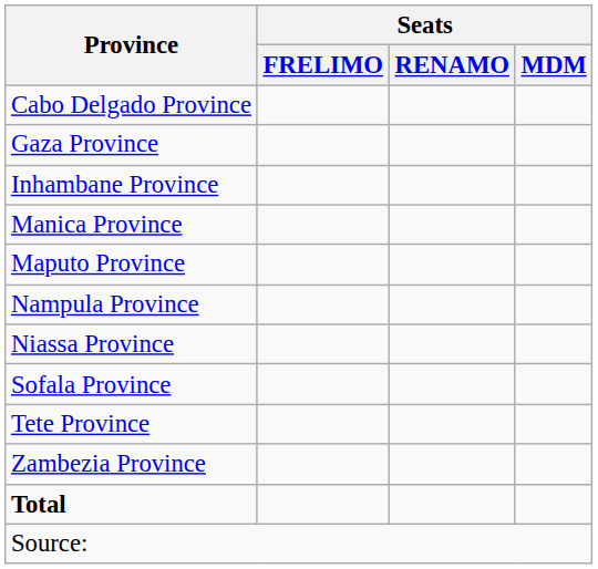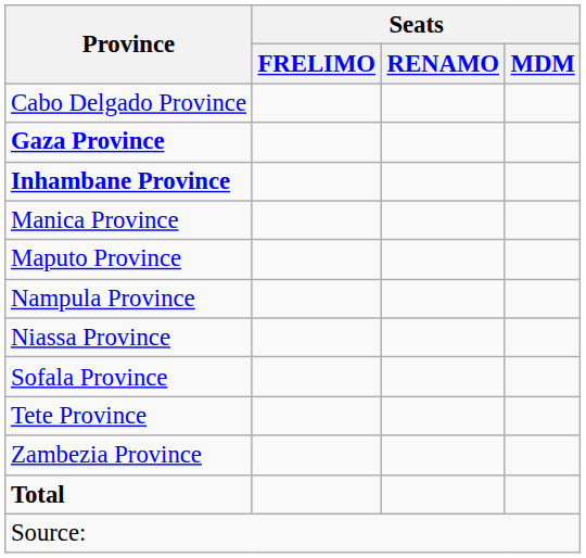 <table class= wikitable style=text-align:right>
 <tr>
 <th rowspan=2>Province</th>
 <th colspan=3>Seats</th>
 </tr>
 <tr>
 <th><a href='#'>FRELIMO</a></th>
 <th><a href='#'>RENAMO</a></th>
 <th><a href='#'>MDM</a></th>
 </tr>
 <tr>
 <td align=left><a href='#'>Cabo Delgado Province</a></td>
 <td></td>
 <td></td>
 <td></td>
 </tr>
 <tr>
-<td align=left><a href='#'>Gaza Province</a></td>
+<td align=left><strong><a href='#'>Gaza Province</a></strong></td>
 <td></td>
 <td></td>
 <td></td>
 </tr>
 <tr>
-<td align=left><a href='#'>Inhambane Province</a></td>
+<td align=left><strong><a href='#'>Inhambane Province</a></strong></td>
 <td></td>
 <td></td>
 <td></td>
 </tr>
 <tr>
 <td align=left><a href='#'>Manica Province</a></td>
 <td></td>
 <td></td>
 <td></td>
 </tr>
 <tr>
 <td align=left><a href='#'>Maputo Province</a></td>
 <td></td>
 <td></td>
 <td></td>
 </tr>
 <tr>
 <td align=left><a href='#'>Nampula Province</a></td>
 <td></td>
 <td></td>
 <td></td>
 </tr>
 <tr>
 <td align=left><a href='#'>Niassa Province</a></td>
 <td></td>
 <td></td>
 <td></td>
 </tr>
 <tr>
 <td align=left><a href='#'>Sofala Province</a></td>
 <td></td>
 <td></td>
 <td></td>
 </tr>
 <tr>
 <td align=left><a href='#'>Tete Province</a></td>
 <td></td>
 <td></td>
 <td></td>
 </tr>
 <tr>
 <td align=left><a href='#'>Zambezia Province</a></td>
 <td></td>
 <td></td>
 <td></td>
 </tr>
 <tr>
 <td align=left><strong>Total</strong></td>
 <td></td>
 <td></td>
 <td></td>
 </tr>
 <tr>
 <td align=left colspan=4>Source:</td>
 </tr>
 </table>
